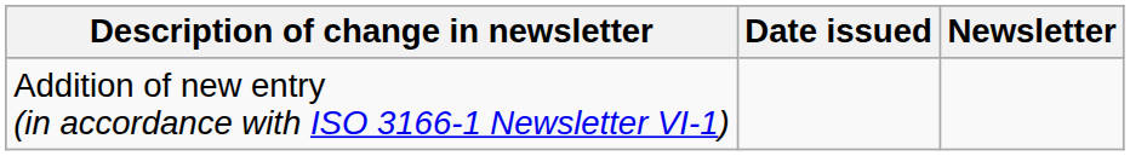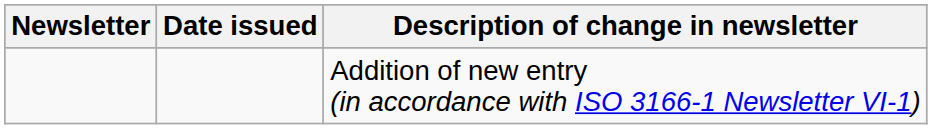 <table class="wikitable">
 <tr>
+<th>Newsletter</th>
+<th>Date issued</th>
 <th>Description of change in newsletter</th>
-<th>Date issued</th>
-<th>Newsletter</th>
 </tr>
 <tr>
+<td id="I-9"></td>
+<td></td>
 <td>Addition of new entry<br> <em>(in accordance with <a href='#'>ISO 3166-1 Newsletter VI-1</a>)</em></td>
-<td></td>
-<td id="I-9"></td>
 </tr>
 </table>
